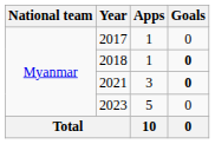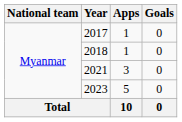 <table class="wikitable" style="text-align:center">
 <tr>
 <th>National team</th>
 <th>Year</th>
 <th>Apps</th>
 <th>Goals</th>
 </tr>
 <tr>
 <td rowspan="4"><a href='#'>Myanmar</a></td>
 <td>2017</td>
 <td>1</td>
 <td>0</td>
 </tr>
 <tr>
 <td>2018</td>
 <td>1</td>
-<td><strong>0</strong></td>
+<td>0</td>
 </tr>
 <tr>
 <td>2021</td>
 <td>3</td>
-<td><strong>0</strong></td>
+<td>0</td>
 </tr>
 <tr>
 <td>2023</td>
 <td>5</td>
 <td>0</td>
 </tr>
 <tr>
 <th colspan="2">Total</th>
 <th>10</th>
 <th>0</th>
 </tr>
 </table>
